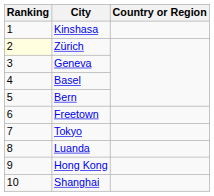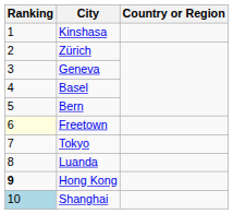 <table class="wikitable sortable">
 <tr>
 <th scope="col">Ranking</th>
 <th scope="col">City</th>
 <th scope="col">Country or Region</th>
 </tr>
 <tr>
 <td>1</td>
 <td><a href='#'>Kinshasa</a></td>
 <td></td>
 </tr>
 <tr>
-<td style="background: lightyellow;">2</td>
+<td>2</td>
 <td><a href='#'>Zürich</a></td>
 <td rowspan="4"></td>
 </tr>
 <tr>
 <td>3</td>
 <td><a href='#'>Geneva</a></td>
 </tr>
 <tr>
 <td>4</td>
 <td><a href='#'>Basel</a></td>
 </tr>
 <tr>
 <td>5</td>
 <td><a href='#'>Bern</a></td>
 </tr>
 <tr>
-<td>6</td>
+<td style="background: lightyellow;">6</td>
 <td><a href='#'>Freetown</a></td>
 <td></td>
 </tr>
 <tr>
 <td>7</td>
 <td><a href='#'>Tokyo</a></td>
 <td></td>
 </tr>
 <tr>
 <td>8</td>
 <td><a href='#'>Luanda</a></td>
 <td></td>
 </tr>
 <tr>
-<td>9</td>
+<td><strong>9</strong></td>
 <td><a href='#'>Hong Kong</a></td>
 <td></td>
 </tr>
 <tr>
-<td>10</td>
+<td style="background: lightblue;">10</td>
 <td><a href='#'>Shanghai</a></td>
 <td></td>
 </tr>
 </table>
